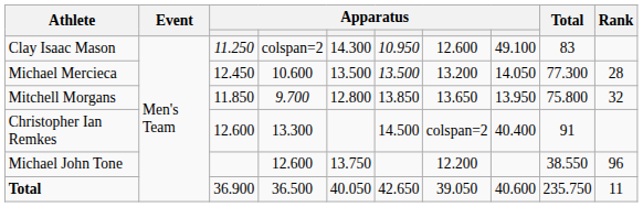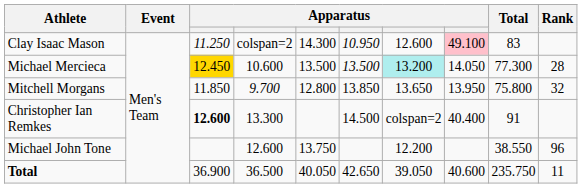 <table class="wikitable" style="font-size:90%">
 <tr>
 <th rowspan=2>Athlete</th>
 <th rowspan=2>Event</th>
 <th colspan=6>Apparatus</th>
 <th rowspan=2>Total</th>
 <th rowspan=2>Rank</th>
 </tr>
 <tr style="font-size:95%">
 <th></th>
 <th></th>
 <th></th>
 <th></th>
 <th></th>
 <th></th>
 </tr>
 <tr align=center>
 <td align=left>Clay Isaac Mason</td>
 <td align=left rowspan=6>Men's Team</td>
 <td><em>11.250</em></td>
 <td>colspan=2 </td>
 <td>14.300</td>
 <td><em>10.950</em></td>
 <td>12.600</td>
-<td>49.100</td>
+<td style="background: pink;">49.100</td>
 <td>83</td>
 </tr>
 <tr align=center>
 <td align=left>Michael Mercieca</td>
-<td>12.450</td>
+<td style="background: gold;">12.450</td>
 <td>10.600</td>
 <td>13.500</td>
 <td><em>13.500</em></td>
-<td>13.200</td>
+<td style="background: paleturquoise;">13.200</td>
 <td>14.050</td>
 <td>77.300</td>
 <td>28</td>
 </tr>
 <tr align=center>
 <td align=left>Mitchell Morgans</td>
 <td>11.850</td>
 <td><em>9.700</em></td>
 <td>12.800</td>
 <td>13.850</td>
 <td>13.650</td>
 <td>13.950</td>
 <td>75.800</td>
 <td>32</td>
 </tr>
 <tr align=center>
 <td align=left>Christopher Ian Remkes</td>
-<td>12.600</td>
+<td><strong>12.600</strong></td>
 <td>13.300</td>
 <td></td>
 <td>14.500</td>
 <td>colspan=2 </td>
 <td>40.400</td>
 <td>91</td>
 </tr>
 <tr align=center>
 <td align=left>Michael John Tone</td>
 <td></td>
 <td>12.600</td>
 <td>13.750</td>
 <td></td>
 <td>12.200</td>
 <td></td>
 <td>38.550</td>
 <td>96</td>
 </tr>
 <tr align=center>
 <td align=left><strong>Total</strong></td>
 <td>36.900</td>
 <td>36.500</td>
 <td>40.050</td>
 <td>42.650</td>
 <td>39.050</td>
 <td>40.600</td>
 <td>235.750</td>
 <td>11</td>
 </tr>
 </table>
